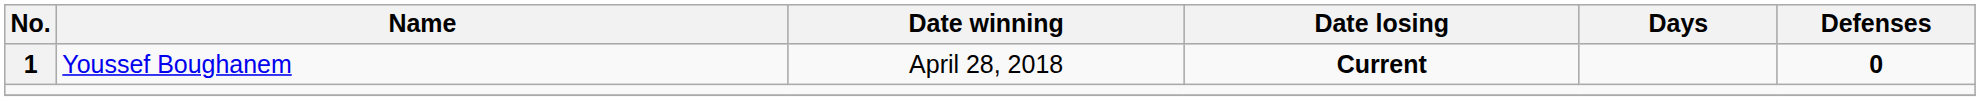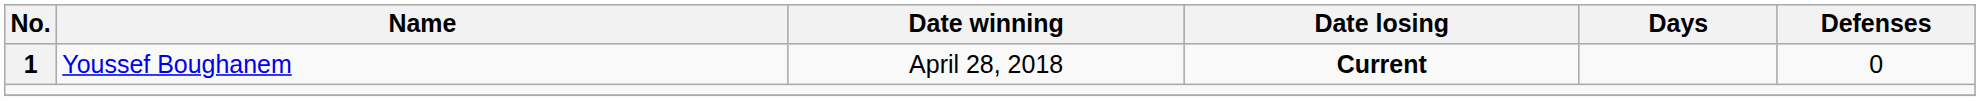 <table class="wikitable" width=100%>
 <tr>
 <th style="width:1%;">No.</th>
 <th style="width:37%;">Name</th>
 <th style="width:20%;">Date winning</th>
 <th style="width:20%;">Date losing</th>
 <th data-sort-type="number" style="width:10%;">Days</th>
 <th data-sort-type="number" style="width:10%;">Defenses</th>
 </tr>
 <tr align=center>
 <th>1</th>
 <td align=left> <a href='#'>Youssef Boughanem</a></td>
 <td>April 28, 2018</td>
 <td><strong>Current</strong></td>
 <td></td>
-<td><strong>0</strong></td>
+<td>0</td>
 </tr>
 <tr>
 <td colspan="6"></td>
 </tr>
 <tr>
 </tr>
 </table>
